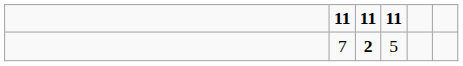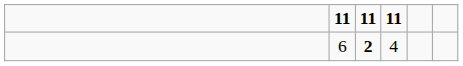 <table class="wikitable">
 <tr>
 <td style="width:18em"><strong></strong></td>
 <td align=center style="width:1em"><strong>11</strong></td>
 <td align=center style="width:1em"><strong>11</strong></td>
 <td align=center style="width:1em"><strong>11</strong></td>
 <td align=center style="width:1em"></td>
 <td align=center style="width:1em"></td>
 </tr>
 <tr>
 <td style="width:18em"></td>
-<td align=center style="width:1em">7</td>
+<td align=center style="width:1em">6</td>
 <td align=center style="width:1em"><strong>2</strong></td>
-<td align=center style="width:1em">5</td>
+<td align=center style="width:1em">4</td>
 <td align=center style="width:1em"></td>
 <td align=center style="width:1em"></td>
 </tr>
 </table>
